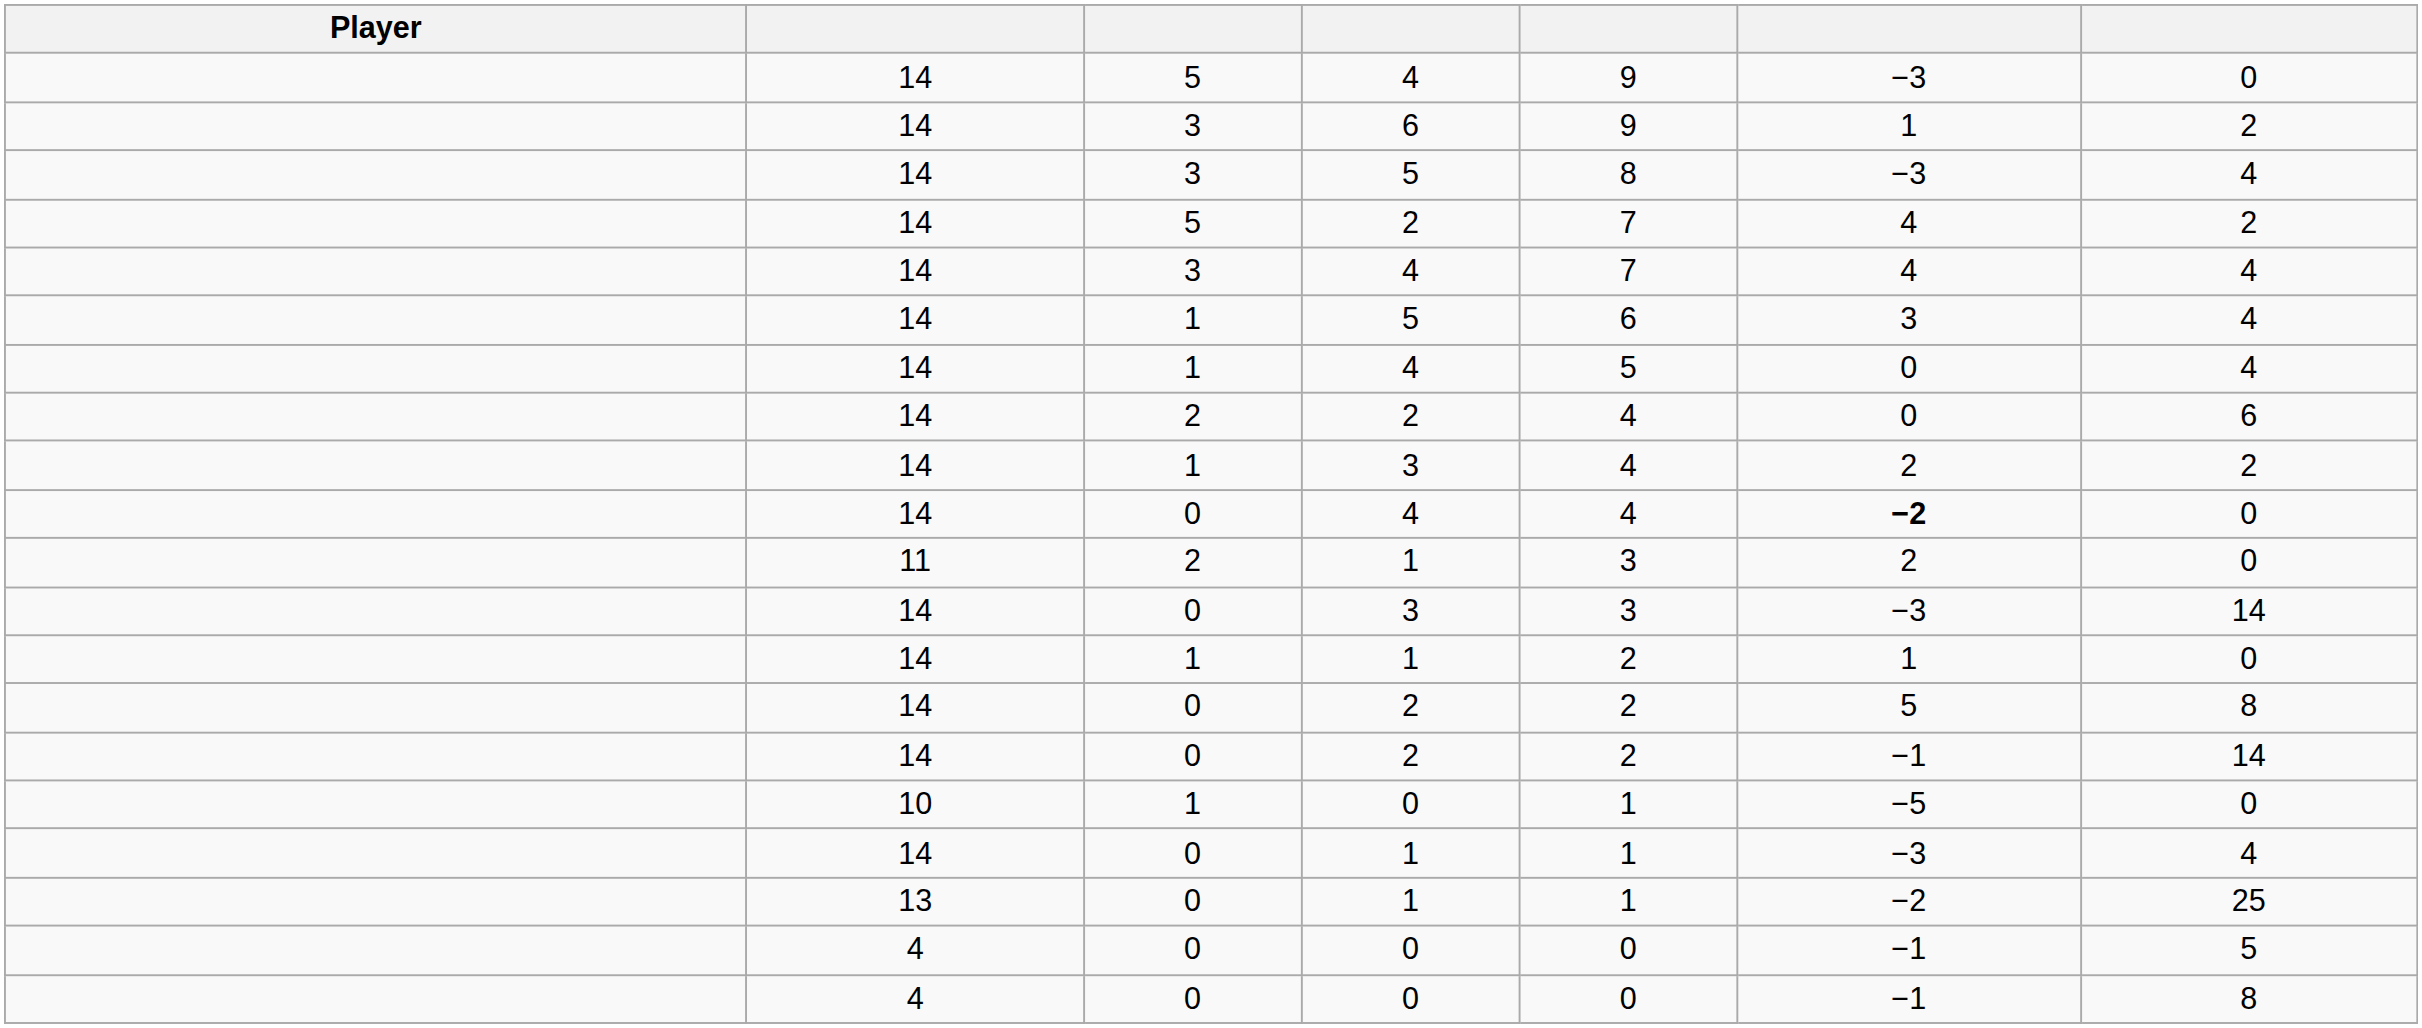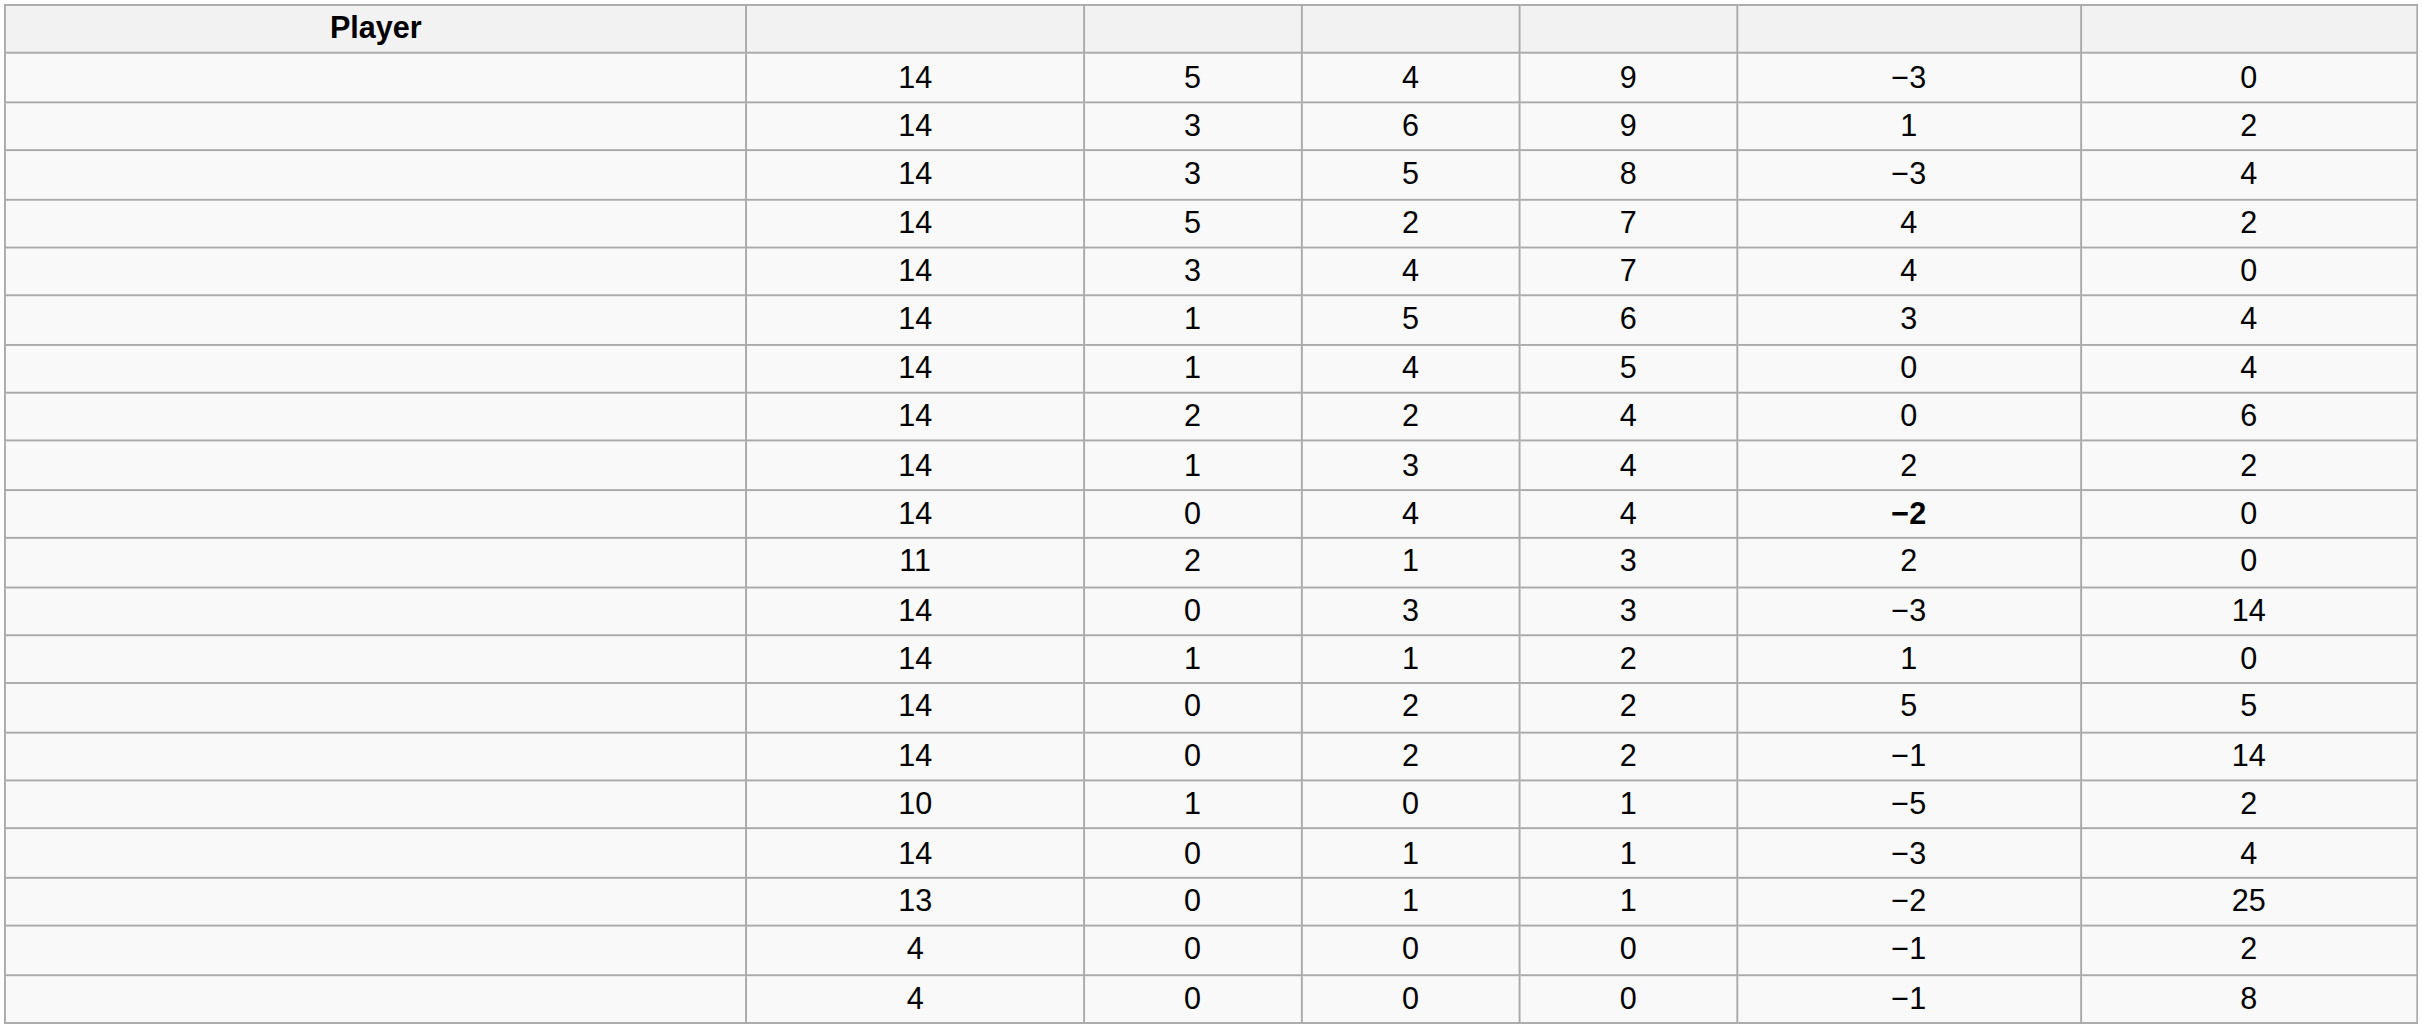 <table class="wikitable sortable" style="width:100%; text-align:center;">
 <tr>
 <th>Player</th>
 <th></th>
 <th></th>
 <th></th>
 <th></th>
 <th data-sort-type="number"></th>
 <th></th>
 </tr>
 <tr>
 <td></td>
 <td>14</td>
 <td>5</td>
 <td>4</td>
 <td>9</td>
 <td>−3</td>
 <td>0</td>
 </tr>
 <tr>
 <td></td>
 <td>14</td>
 <td>3</td>
 <td>6</td>
 <td>9</td>
 <td>1</td>
 <td>2</td>
 </tr>
 <tr>
 <td></td>
 <td>14</td>
 <td>3</td>
 <td>5</td>
 <td>8</td>
 <td>−3</td>
 <td>4</td>
 </tr>
 <tr>
 <td></td>
 <td>14</td>
 <td>5</td>
 <td>2</td>
 <td>7</td>
 <td>4</td>
 <td>2</td>
 </tr>
 <tr>
 <td></td>
 <td>14</td>
 <td>3</td>
 <td>4</td>
 <td>7</td>
 <td>4</td>
-<td>4</td>
+<td>0</td>
 </tr>
 <tr>
 <td></td>
 <td>14</td>
 <td>1</td>
 <td>5</td>
 <td>6</td>
 <td>3</td>
 <td>4</td>
 </tr>
 <tr>
 <td></td>
 <td>14</td>
 <td>1</td>
 <td>4</td>
 <td>5</td>
 <td>0</td>
 <td>4</td>
 </tr>
 <tr>
 <td></td>
 <td>14</td>
 <td>2</td>
 <td>2</td>
 <td>4</td>
 <td>0</td>
 <td>6</td>
 </tr>
 <tr>
 <td></td>
 <td>14</td>
 <td>1</td>
 <td>3</td>
 <td>4</td>
 <td>2</td>
 <td>2</td>
 </tr>
 <tr>
 <td></td>
 <td>14</td>
 <td>0</td>
 <td>4</td>
 <td>4</td>
 <td><strong>−2</strong></td>
 <td>0</td>
 </tr>
 <tr>
 <td></td>
 <td>11</td>
 <td>2</td>
 <td>1</td>
 <td>3</td>
 <td>2</td>
 <td>0</td>
 </tr>
 <tr>
 <td></td>
 <td>14</td>
 <td>0</td>
 <td>3</td>
 <td>3</td>
 <td>−3</td>
 <td>14</td>
 </tr>
 <tr>
 <td></td>
 <td>14</td>
 <td>1</td>
 <td>1</td>
 <td>2</td>
 <td>1</td>
 <td>0</td>
 </tr>
 <tr>
 <td></td>
 <td>14</td>
 <td>0</td>
 <td>2</td>
 <td>2</td>
 <td>5</td>
-<td>8</td>
+<td>5</td>
 </tr>
 <tr>
 <td></td>
 <td>14</td>
 <td>0</td>
 <td>2</td>
 <td>2</td>
 <td>−1</td>
 <td>14</td>
 </tr>
 <tr>
 <td></td>
 <td>10</td>
 <td>1</td>
 <td>0</td>
 <td>1</td>
 <td>−5</td>
-<td>0</td>
+<td>2</td>
 </tr>
 <tr>
 <td></td>
 <td>14</td>
 <td>0</td>
 <td>1</td>
 <td>1</td>
 <td>−3</td>
 <td>4</td>
 </tr>
 <tr>
 <td></td>
 <td>13</td>
 <td>0</td>
 <td>1</td>
 <td>1</td>
 <td>−2</td>
 <td>25</td>
 </tr>
 <tr>
 <td></td>
 <td>4</td>
 <td>0</td>
 <td>0</td>
 <td>0</td>
 <td>−1</td>
-<td>5</td>
+<td>2</td>
 </tr>
 <tr>
 <td></td>
 <td>4</td>
 <td>0</td>
 <td>0</td>
 <td>0</td>
 <td>−1</td>
 <td>8</td>
 </tr>
 </table>
